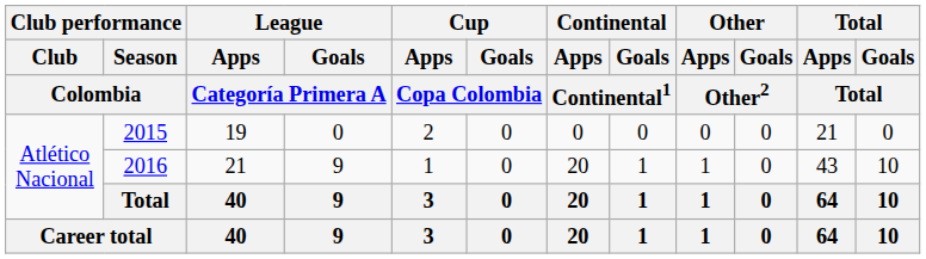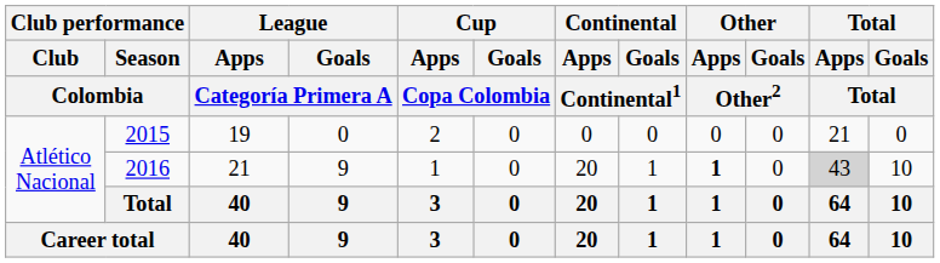 <table class="wikitable" style="text-align:center">
 <tr>
 <th colspan=2>Club performance</th>
 <th colspan=2>League</th>
 <th colspan=2>Cup</th>
 <th colspan=2>Continental</th>
 <th colspan=2>Other</th>
 <th colspan=2>Total</th>
 </tr>
 <tr>
 <th>Club</th>
 <th>Season</th>
 <th>Apps</th>
 <th>Goals</th>
 <th>Apps</th>
 <th>Goals</th>
 <th>Apps</th>
 <th>Goals</th>
 <th>Apps</th>
 <th>Goals</th>
 <th>Apps</th>
 <th>Goals</th>
 </tr>
 <tr>
 <th colspan=2>Colombia</th>
 <th colspan=2><a href='#'>Categoría Primera A</a></th>
 <th colspan=2><a href='#'>Copa Colombia</a></th>
 <th colspan=2>Continental<sup>1</sup></th>
 <th colspan=2>Other<sup>2</sup></th>
 <th colspan=2>Total</th>
 </tr>
 <tr>
 <td rowspan="3"><a href='#'>Atlético<br>Nacional</a></td>
 <td><a href='#'>2015</a></td>
 <td>19</td>
 <td>0</td>
 <td>2</td>
 <td>0</td>
 <td>0</td>
 <td>0</td>
 <td>0</td>
 <td>0</td>
 <td>21</td>
 <td>0</td>
 </tr>
 <tr>
 <td><a href='#'>2016</a></td>
 <td>21</td>
 <td>9</td>
 <td>1</td>
 <td>0</td>
 <td>20</td>
 <td>1</td>
-<td>1</td>
+<td><strong>1</strong></td>
 <td>0</td>
-<td>43</td>
+<td style="background: lightgrey;">43</td>
 <td>10</td>
 </tr>
 <tr>
 <th rowspan=1>Total</th>
 <th>40</th>
 <th>9</th>
 <th>3</th>
 <th>0</th>
 <th>20</th>
 <th>1</th>
 <th>1</th>
 <th>0</th>
 <th>64</th>
 <th>10</th>
 </tr>
 <tr>
 <th colspan=2>Career total</th>
 <th>40</th>
 <th>9</th>
 <th>3</th>
 <th>0</th>
 <th>20</th>
 <th>1</th>
 <th>1</th>
 <th>0</th>
 <th>64</th>
 <th>10</th>
 </tr>
 </table>
